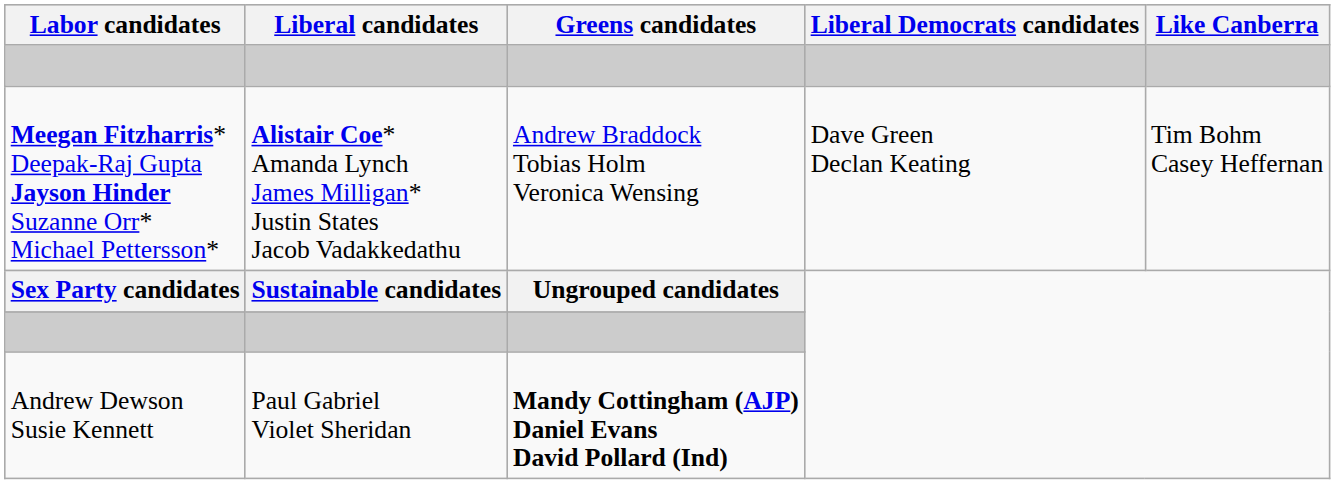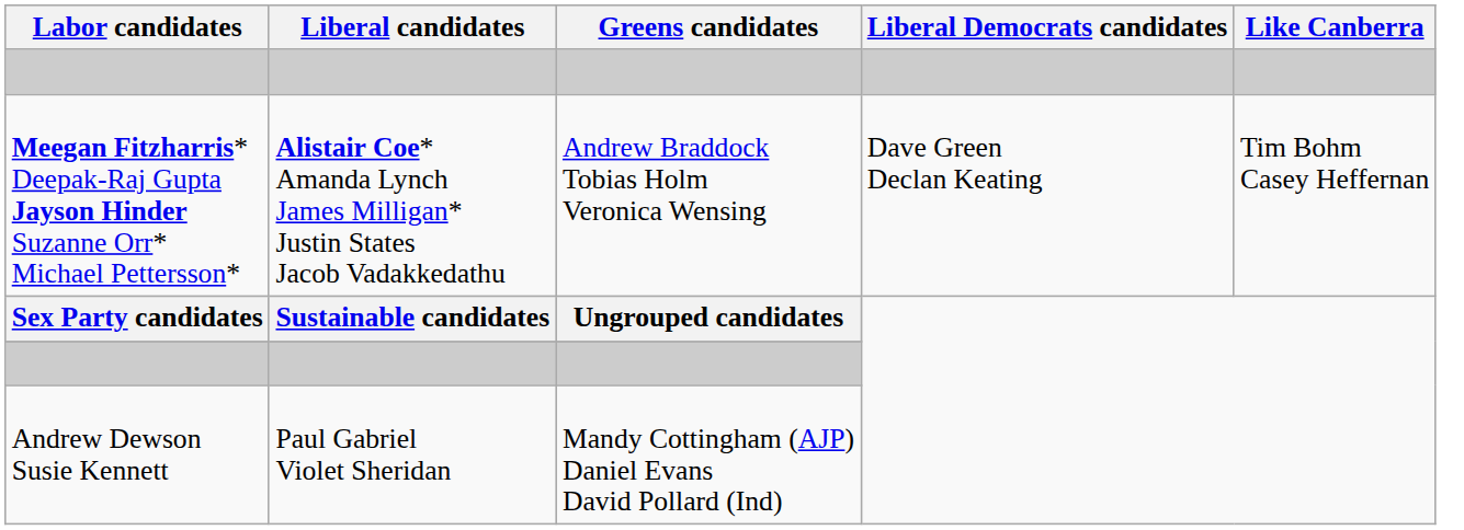 <table class="wikitable">
 <tr>
 <th><a href='#'>Labor</a> candidates</th>
 <th><a href='#'>Liberal</a> candidates</th>
 <th><a href='#'>Greens</a> candidates</th>
 <th><a href='#'>Liberal Democrats</a> candidates</th>
 <th><a href='#'>Like Canberra</a></th>
 </tr>
 <tr bgcolor="#cccccc">
 <td></td>
 <td></td>
 <td></td>
 <td></td>
 <td bgcolor=> </td>
 </tr>
 <tr>
 <td><br><strong><a href='#'>Meegan Fitzharris</a></strong>*<br> <a href='#'>Deepak-Raj Gupta</a><br> <strong><a href='#'>Jayson Hinder</a></strong><br> <a href='#'>Suzanne Orr</a>*<br> <a href='#'>Michael Pettersson</a>*</td>
 <td><br><strong><a href='#'>Alistair Coe</a></strong>*<br> Amanda Lynch<br> <a href='#'>James Milligan</a>*<br> Justin States<br> Jacob Vadakkedathu</td>
 <td valign=top><br><a href='#'>Andrew Braddock</a><br> Tobias Holm<br> Veronica Wensing</td>
 <td valign=top><br>Dave Green<br> Declan Keating</td>
 <td valign=top><br>Tim Bohm<br> Casey Heffernan</td>
 </tr>
 <tr bgcolor="#cccccc">
 <th><a href='#'>Sex Party</a> candidates</th>
 <th><a href='#'>Sustainable</a> candidates</th>
 <th>Ungrouped candidates</th>
 </tr>
 <tr bgcolor="#cccccc">
 <td></td>
 <td></td>
 <td> </td>
 </tr>
 <tr>
 <td valign=top><br>Andrew Dewson<br> Susie Kennett</td>
 <td valign=top><br>Paul Gabriel<br> Violet Sheridan</td>
-<td valign=top><strong><br>Mandy Cottingham (<a href='#'>AJP</a>)<br> Daniel Evans<br> David Pollard (Ind)</strong></td>
+<td valign=top><br>Mandy Cottingham (<a href='#'>AJP</a>)<br> Daniel Evans<br> David Pollard (Ind)</td>
 </tr>
 </table>
